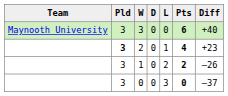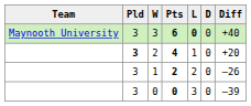 <table style=border-collapse:collapse border=1 cellspacing=0 cellpadding=5>
 <tr align=center bgcolor=#efefef>
 <th>Team</th>
 <th>Pld</th>
 <th>W</th>
+<th>Pts</th>
+<th>L</th>
 <th>D</th>
-<th>L</th>
-<th>Pts</th>
 <th>Diff</th>
 </tr>
 <tr align=center style="background:#D0F0C0;">
 <td style="text-align:left;"> <a href='#'>Maynooth University</a></td>
 <td>3</td>
 <td>3</td>
+<td><strong>6</strong></td>
+<td><strong>0</strong></td>
 <td>0</td>
-<td>0</td>
-<td><strong>6</strong></td>
 <td>+40</td>
 </tr>
 <tr align=center style="background:#FFFFFF;">
 <td style="text-align:left;"> </td>
 <td><strong>3</strong></td>
 <td>2</td>
+<td><strong>4</strong></td>
+<td>1</td>
 <td>0</td>
-<td>1</td>
-<td><strong>4</strong></td>
-<td>+23</td>
+<td>+20</td>
 </tr>
 <tr align=center style="background:#FFFFFF;">
 <td style="text-align:left;"> </td>
 <td>3</td>
 <td>1</td>
+<td><strong>2</strong></td>
+<td>2</td>
 <td>0</td>
-<td>2</td>
-<td><strong>2</strong></td>
 <td>–26</td>
 </tr>
 <tr align=center style="background:#FFFFFF;">
 <td style="text-align:left;"> </td>
 <td>3</td>
 <td>0</td>
+<td><strong>0</strong></td>
+<td>3</td>
 <td>0</td>
-<td>3</td>
-<td><strong>0</strong></td>
-<td>–37</td>
+<td>–39</td>
 </tr>
 </table>
